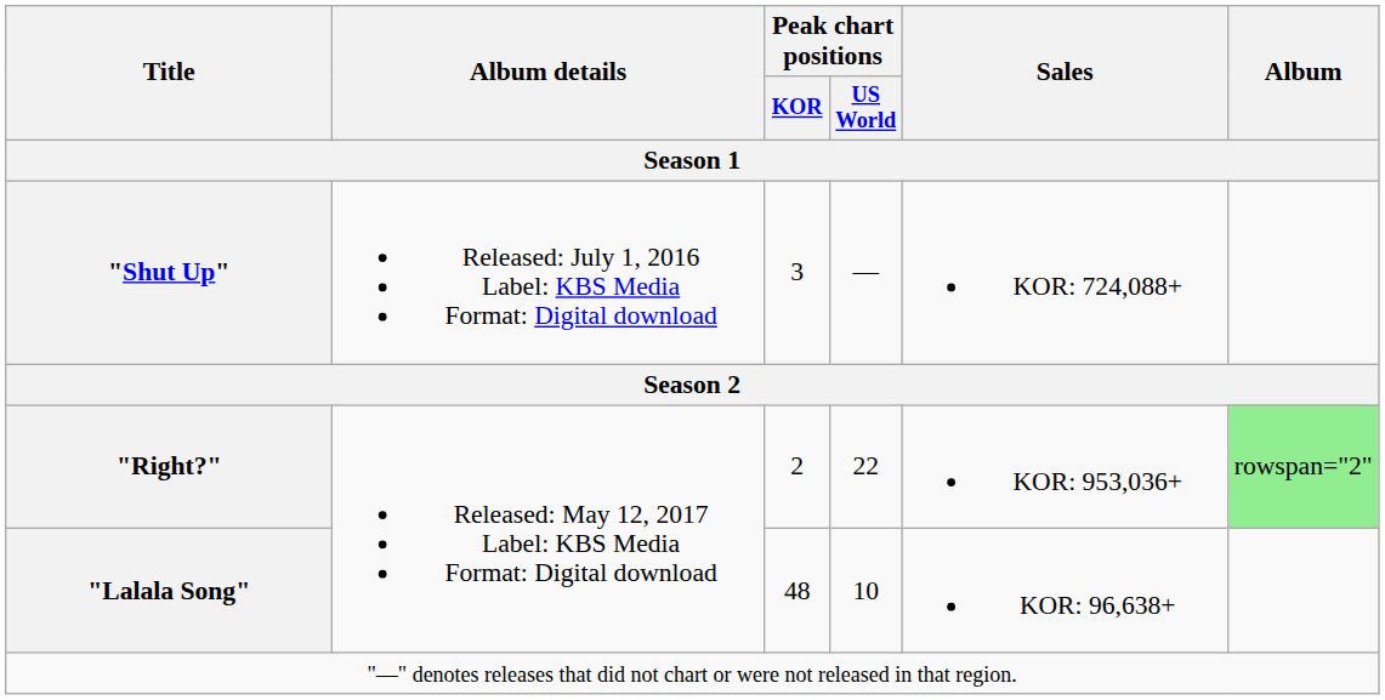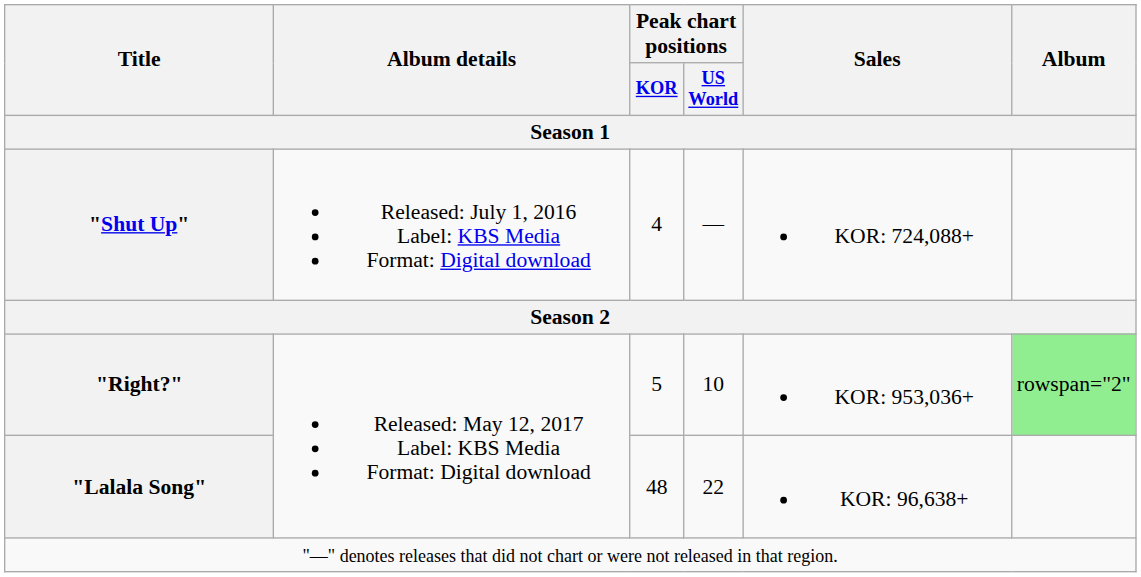 <table class="wikitable plainrowheaders" style="text-align:center;">
 <tr>
 <th rowspan=2 style="width:12em;">Title</th>
 <th rowspan=2 style="width:16em;">Album details</th>
 <th colspan=2>Peak chart<br>positions</th>
 <th rowspan=2 style="width:12em;">Sales</th>
 <th rowspan=2>Album</th>
 </tr>
 <tr>
 <th style="width:2.5em;font-size:85%;"><a href='#'>KOR</a><br></th>
 <th style="width:2.5em;font-size:85%;"><a href='#'>US<br>World</a><br></th>
 </tr>
 <tr>
 <th scope="col" colspan="6">Season 1</th>
 </tr>
 <tr>
 <th scope=row>"<a href='#'>Shut Up</a>"<br></th>
 <td><br><ul><li>Released: July 1, 2016</li><li>Label: <a href='#'>KBS Media</a></li><li>Format: <a href='#'>Digital download</a></li></ul></td>
-<td>3</td>
+<td>4</td>
 <td>—</td>
 <td><br><ul><li>KOR: 724,088+</li></ul></td>
 <td></td>
 </tr>
 <tr>
 <th scope="col" colspan="6">Season 2</th>
 </tr>
 <tr>
 <th scope=row>"Right?" </th>
 <td rowspan="2"><br><ul><li>Released: May 12, 2017</li><li>Label: KBS Media</li><li>Format: Digital download</li></ul></td>
-<td>2</td>
-<td>22</td>
+<td>5</td>
+<td>10</td>
 <td><br><ul><li>KOR: 953,036+</li></ul></td>
 <td style="background: lightgreen;">rowspan="2" </td>
 </tr>
 <tr>
 <th scope=row>"Lalala Song" </th>
 <td>48</td>
-<td>10</td>
+<td>22</td>
 <td><br><ul><li>KOR: 96,638+</li></ul></td>
 </tr>
 <tr>
 <td colspan="7"><small>"—" denotes releases that did not chart or were not released in that region.</small></td>
 </tr>
 </table>
